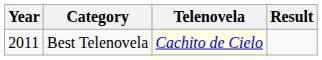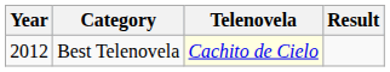 <table class="wikitable">
 <tr style="background:#b0c4de;">
 <th>Year</th>
 <th>Category</th>
 <th>Telenovela</th>
 <th>Result</th>
 </tr>
 <tr>
-<td>2011</td>
+<td>2012</td>
 <td>Best Telenovela</td>
 <td style="background: lightyellow;"><em><a href='#'>Cachito de Cielo</a></em></td>
 <td></td>
 </tr>
 </table>
